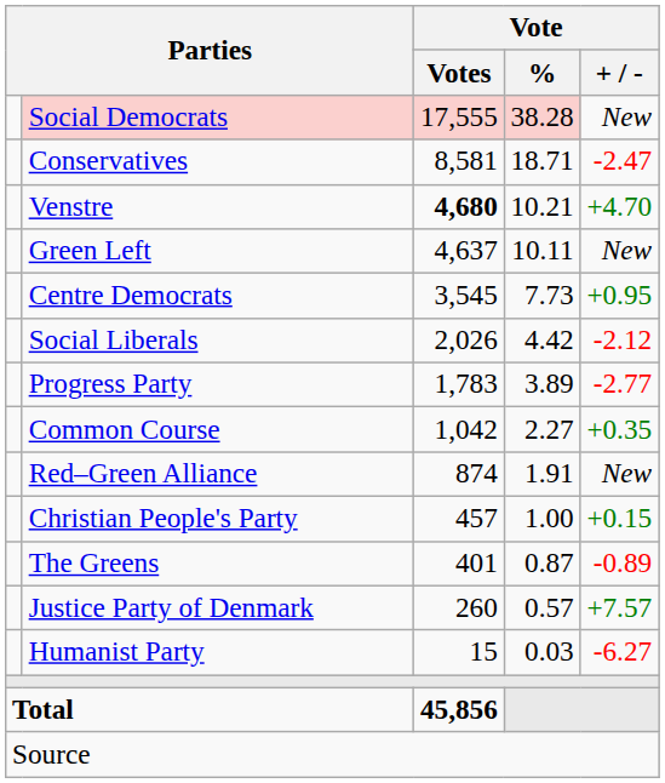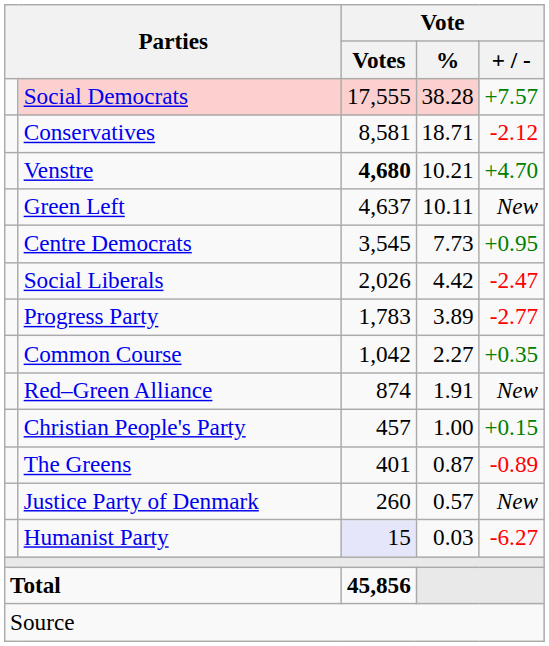 <table class="wikitable" style="text-align:right;">
 <tr>
 <th style="text-align:centre;" rowspan="2" colspan="2" width="225">Parties</th>
 <th colspan="3">Vote</th>
 </tr>
 <tr>
 <th width="15">Votes</th>
 <th width="15">%</th>
 <th width="15">+ / -</th>
 </tr>
 <tr>
 <td width="2" style="color:inherit;background:"></td>
 <td bgcolor=#fbd0ce  align="left"><a href='#'>Social Democrats</a></td>
 <td bgcolor=#fbd0ce>17,555</td>
 <td bgcolor=#fbd0ce>38.28</td>
-<td><em>New</em></td>
+<td style=color:green;>+7.57</td>
 </tr>
 <tr>
 <td width="2" style="color:inherit;background:"></td>
 <td align="left"><a href='#'>Conservatives</a></td>
 <td>8,581</td>
 <td>18.71</td>
-<td style=color:red;>-2.47</td>
+<td style=color:red;>-2.12</td>
 </tr>
 <tr>
 <td width="2" style="color:inherit;background:"></td>
 <td align="left"><a href='#'>Venstre</a></td>
 <td><strong>4,680</strong></td>
 <td>10.21</td>
 <td style=color:green;>+4.70</td>
 </tr>
 <tr>
 <td width="2" style="color:inherit;background:"></td>
 <td align="left"><a href='#'>Green Left</a></td>
 <td>4,637</td>
 <td>10.11</td>
 <td><em>New</em></td>
 </tr>
 <tr>
 <td width="2" style="color:inherit;background:"></td>
 <td align="left"><a href='#'>Centre Democrats</a></td>
 <td>3,545</td>
 <td>7.73</td>
 <td style=color:green;>+0.95</td>
 </tr>
 <tr>
 <td width="2" style="color:inherit;background:"></td>
 <td align="left"><a href='#'>Social Liberals</a></td>
 <td>2,026</td>
 <td>4.42</td>
-<td style=color:red;>-2.12</td>
+<td style=color:red;>-2.47</td>
 </tr>
 <tr>
 <td width="2" style="color:inherit;background:"></td>
 <td align="left"><a href='#'>Progress Party</a></td>
 <td>1,783</td>
 <td>3.89</td>
 <td style=color:red;>-2.77</td>
 </tr>
 <tr>
 <td width="2" style="color:inherit;background:"></td>
 <td align="left"><a href='#'>Common Course</a></td>
 <td>1,042</td>
 <td>2.27</td>
 <td style=color:green;>+0.35</td>
 </tr>
 <tr>
 <td width="2" style="color:inherit;background:"></td>
 <td align="left"><a href='#'>Red–Green Alliance</a></td>
 <td>874</td>
 <td>1.91</td>
 <td><em>New</em></td>
 </tr>
 <tr>
 <td width="2" style="color:inherit;background:"></td>
 <td align="left"><a href='#'>Christian People's Party</a></td>
 <td>457</td>
 <td>1.00</td>
 <td style=color:green;>+0.15</td>
 </tr>
 <tr>
 <td width="2" style="color:inherit;background:"></td>
 <td align="left"><a href='#'>The Greens</a></td>
 <td>401</td>
 <td>0.87</td>
 <td style=color:red;>-0.89</td>
 </tr>
 <tr>
 <td width="2" style="color:inherit;background:"></td>
 <td align="left"><a href='#'>Justice Party of Denmark</a></td>
 <td>260</td>
 <td>0.57</td>
-<td style=color:green;>+7.57</td>
+<td><em>New</em></td>
 </tr>
 <tr>
 <td width="2" style="color:inherit;background:"></td>
 <td align="left"><a href='#'>Humanist Party</a></td>
-<td>15</td>
+<td style="background: lavender;">15</td>
 <td>0.03</td>
 <td style=color:red;>-6.27</td>
 </tr>
 <tr>
 <td colspan="7" bgcolor="#E9E9E9"></td>
 </tr>
 <tr>
 <td align="left" colspan="2"><strong>Total</strong></td>
 <td><strong>45,856</strong></td>
 <td bgcolor="#E9E9E9" colspan="2"></td>
 </tr>
 <tr>
 <td align="left" colspan="6">Source</td>
 </tr>
 </table>
